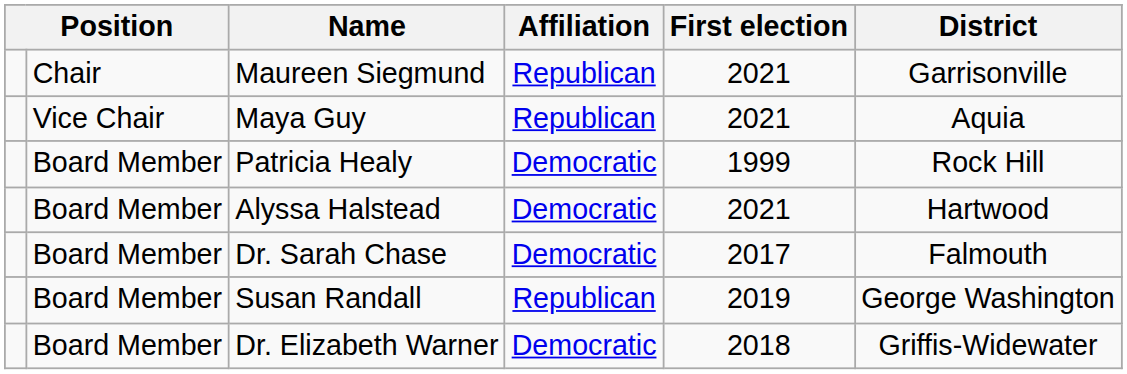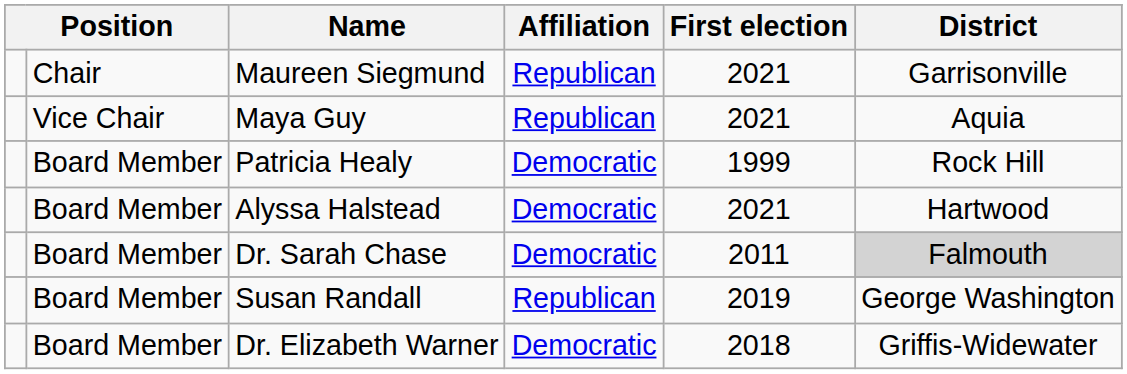 <table class=wikitable>
 <tr>
 <th colspan=2 align=center valign=bottom>Position</th>
 <th style="text-align:center;">Name</th>
 <th valign=bottom>Affiliation</th>
 <th valign=bottom align=center>First election</th>
 <th valign=bottom align=center>District</th>
 </tr>
 <tr>
 <td style="background-color:"> </td>
 <td>Chair</td>
 <td>Maureen Siegmund</td>
 <td style="text-align:center;"><a href='#'>Republican</a></td>
 <td style="text-align:center;">2021</td>
 <td style="text-align:center;">Garrisonville</td>
 </tr>
 <tr>
 <td style="background-color:"> </td>
 <td>Vice Chair</td>
 <td>Maya Guy</td>
 <td style="text-align:center;"><a href='#'>Republican</a></td>
 <td style="text-align:center;">2021</td>
 <td style="text-align:center;">Aquia</td>
 </tr>
 <tr>
 <td style="background-color:"> </td>
 <td>Board Member</td>
 <td>Patricia Healy</td>
 <td style="text-align:center;"><a href='#'>Democratic</a></td>
 <td style="text-align:center;">1999</td>
 <td style="text-align:center;">Rock Hill</td>
 </tr>
 <tr>
 <td style="background-color:"> </td>
 <td>Board Member</td>
 <td>Alyssa Halstead</td>
 <td style="text-align:center;"><a href='#'>Democratic</a></td>
 <td style="text-align:center;">2021</td>
 <td style="text-align:center;">Hartwood</td>
 </tr>
 <tr>
 <td style="background-color:"> </td>
 <td>Board Member</td>
 <td>Dr. Sarah Chase</td>
 <td style="text-align:center;"><a href='#'>Democratic</a></td>
-<td style="text-align:center;">2017</td>
-<td style="text-align:center;">Falmouth</td>
+<td style="text-align:center;">2011</td>
+<td style="background: lightgrey; text-align:center;">Falmouth</td>
 </tr>
 <tr>
 <td style="background-color:"> </td>
 <td>Board Member</td>
 <td>Susan Randall</td>
 <td style="text-align:center;"><a href='#'>Republican</a></td>
 <td style="text-align:center;">2019</td>
 <td style="text-align:center;">George Washington</td>
 </tr>
 <tr>
 <td style="background-color:"> </td>
 <td>Board Member</td>
 <td>Dr. Elizabeth Warner</td>
 <td style="text-align:center;"><a href='#'>Democratic</a></td>
 <td style="text-align:center;">2018</td>
 <td style="text-align:center;">Griffis-Widewater</td>
 </tr>
 </table>
